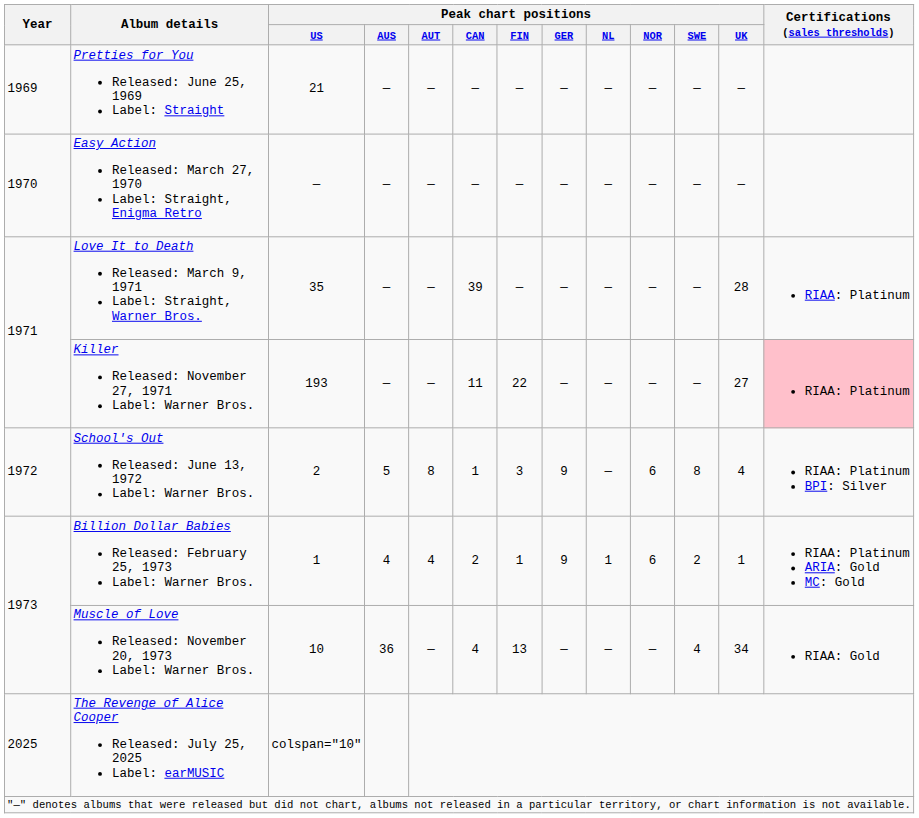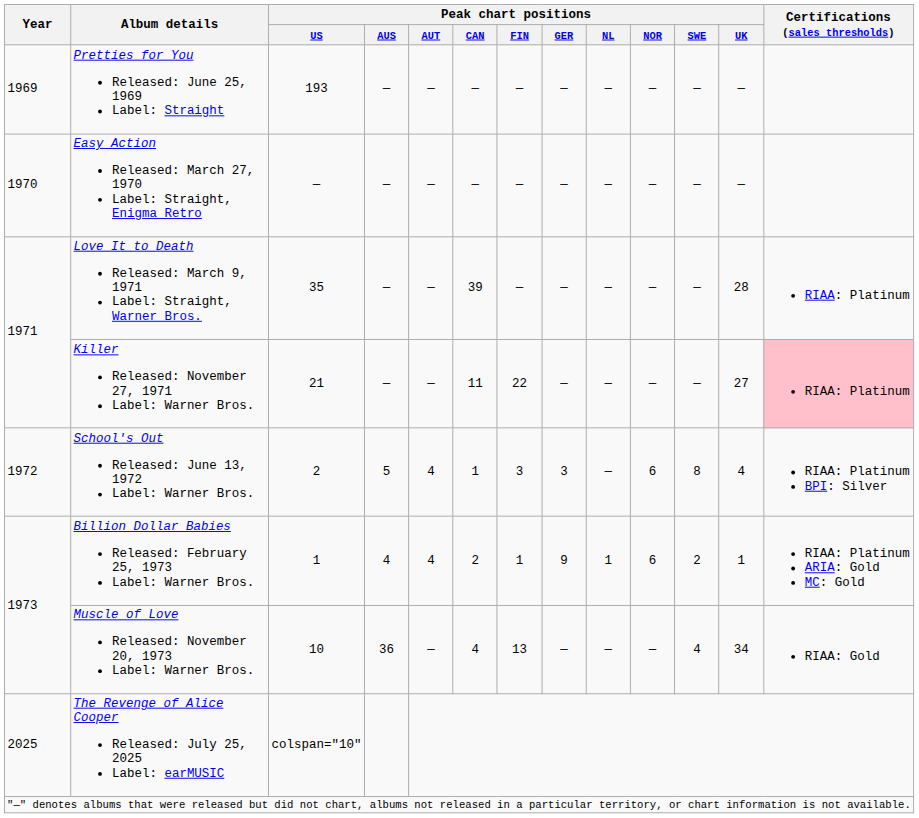 <table class="wikitable">
 <tr>
 <th rowspan="2">Year</th>
 <th rowspan="2" style="width:200px;">Album details</th>
 <th colspan="10">Peak chart positions</th>
 <th rowspan="2" style="width:150px;">Certifications<br><small>(<a href='#'>sales thresholds</a>)</small></th>
 </tr>
 <tr>
 <th style="width:40px;"><small><a href='#'>US</a></small><br></th>
 <th style="width:40px;"><small><a href='#'>AUS</a></small><br></th>
 <th style="width:40px;"><small><a href='#'>AUT</a></small><br></th>
 <th style="width:40px;"><small><a href='#'>CAN</a></small><br></th>
 <th style="width:40px;"><small><a href='#'>FIN</a></small><br></th>
 <th style="width:40px;"><small><a href='#'>GER</a></small><br></th>
 <th style="width:40px;"><small><a href='#'>NL</a></small><br></th>
 <th style="width:40px;"><small><a href='#'>NOR</a></small><br></th>
 <th style="width:40px;"><small><a href='#'>SWE</a></small><br></th>
 <th style="width:40px;"><small><a href='#'>UK</a></small><br></th>
 </tr>
 <tr>
 <td>1969</td>
 <td><em><a href='#'>Pretties for You</a></em><br><ul><li>Released: June 25, 1969</li><li>Label: <a href='#'>Straight</a></li></ul></td>
-<td style="text-align:center;">21</td>
+<td style="text-align:center;">193</td>
 <td style="text-align:center;">—</td>
 <td style="text-align:center;">—</td>
 <td style="text-align:center;">—</td>
 <td style="text-align:center;">—</td>
 <td style="text-align:center;">—</td>
 <td style="text-align:center;">—</td>
 <td style="text-align:center;">—</td>
 <td style="text-align:center;">—</td>
 <td style="text-align:center;">—</td>
 <td></td>
 </tr>
 <tr>
 <td>1970</td>
 <td><em><a href='#'>Easy Action</a></em><br><ul><li>Released: March 27, 1970</li><li>Label: Straight, <a href='#'>Enigma Retro</a></li></ul></td>
 <td style="text-align:center;">—</td>
 <td style="text-align:center;">—</td>
 <td style="text-align:center;">—</td>
 <td style="text-align:center;">—</td>
 <td style="text-align:center;">—</td>
 <td style="text-align:center;">—</td>
 <td style="text-align:center;">—</td>
 <td style="text-align:center;">—</td>
 <td style="text-align:center;">—</td>
 <td style="text-align:center;">—</td>
 <td></td>
 </tr>
 <tr>
 <td rowspan="2">1971</td>
 <td><em><a href='#'>Love It to Death</a></em><br><ul><li>Released: March 9, 1971</li><li>Label: Straight, <a href='#'>Warner Bros.</a></li></ul></td>
 <td style="text-align:center;">35</td>
 <td style="text-align:center;">—</td>
 <td style="text-align:center;">—</td>
 <td style="text-align:center;">39</td>
 <td style="text-align:center;">—</td>
 <td style="text-align:center;">—</td>
 <td style="text-align:center;">—</td>
 <td style="text-align:center;">—</td>
 <td style="text-align:center;">—</td>
 <td style="text-align:center;">28</td>
 <td><br><ul><li><a href='#'>RIAA</a>: Platinum</li></ul></td>
 </tr>
 <tr>
 <td><em><a href='#'>Killer</a></em><br><ul><li>Released: November 27, 1971</li><li>Label: Warner Bros.</li></ul></td>
-<td style="text-align:center;">193</td>
+<td style="text-align:center;">21</td>
 <td style="text-align:center;">—</td>
 <td style="text-align:center;">—</td>
 <td style="text-align:center;">11</td>
 <td style="text-align:center;">22</td>
 <td style="text-align:center;">—</td>
 <td style="text-align:center;">—</td>
 <td style="text-align:center;">—</td>
 <td style="text-align:center;">—</td>
 <td style="text-align:center;">27</td>
 <td style="background: pink;"><br><ul><li>RIAA: Platinum</li></ul></td>
 </tr>
 <tr>
 <td>1972</td>
 <td><em><a href='#'>School's Out</a></em><br><ul><li>Released: June 13, 1972</li><li>Label: Warner Bros.</li></ul></td>
 <td style="text-align:center;">2</td>
 <td style="text-align:center;">5</td>
-<td style="text-align:center;">8</td>
+<td style="text-align:center;">4</td>
 <td style="text-align:center;">1</td>
 <td style="text-align:center;">3</td>
-<td style="text-align:center;">9</td>
+<td style="text-align:center;">3</td>
 <td style="text-align:center;">—</td>
 <td style="text-align:center;">6</td>
 <td style="text-align:center;">8</td>
 <td style="text-align:center;">4</td>
 <td><br><ul><li>RIAA: Platinum</li><li><a href='#'>BPI</a>: Silver</li></ul></td>
 </tr>
 <tr>
 <td rowspan="2">1973</td>
 <td><em><a href='#'>Billion Dollar Babies</a></em><br><ul><li>Released: February 25, 1973</li><li>Label: Warner Bros.</li></ul></td>
 <td style="text-align:center;">1</td>
 <td style="text-align:center;">4</td>
 <td style="text-align:center;">4</td>
 <td style="text-align:center;">2</td>
 <td style="text-align:center;">1</td>
 <td style="text-align:center;">9</td>
 <td style="text-align:center;">1</td>
 <td style="text-align:center;">6</td>
 <td style="text-align:center;">2</td>
 <td style="text-align:center;">1</td>
 <td><br><ul><li>RIAA: Platinum</li><li><a href='#'>ARIA</a>: Gold</li><li><a href='#'>MC</a>: Gold</li></ul></td>
 </tr>
 <tr>
 <td><em><a href='#'>Muscle of Love</a></em><br><ul><li>Released: November 20, 1973</li><li>Label: Warner Bros.</li></ul></td>
 <td style="text-align:center;">10</td>
 <td style="text-align:center;">36</td>
 <td style="text-align:center;">—</td>
 <td style="text-align:center;">4</td>
 <td style="text-align:center;">13</td>
 <td style="text-align:center;">—</td>
 <td style="text-align:center;">—</td>
 <td style="text-align:center;">—</td>
 <td style="text-align:center;">4</td>
 <td style="text-align:center;">34</td>
 <td><br><ul><li>RIAA: Gold</li></ul></td>
 </tr>
 <tr>
 <td>2025</td>
 <td><em><a href='#'>The Revenge of Alice Cooper</a></em><br><ul><li>Released: July 25, 2025</li><li>Label: <a href='#'>earMUSIC</a></li></ul></td>
 <td>colspan="10" </td>
 <td></td>
 </tr>
 <tr>
 <td colspan="23" style="text-align:center; font-size:85%;">"—" denotes albums that were released but did not chart, albums not released in a particular territory, or chart information is not available.</td>
 </tr>
 </table>
